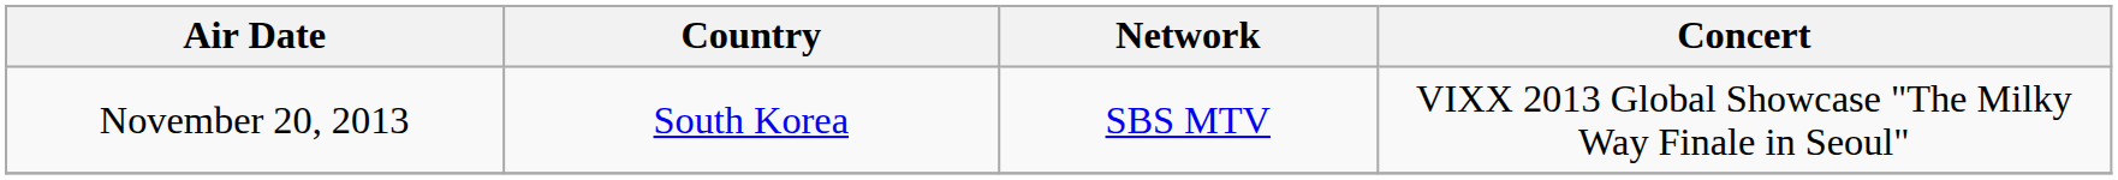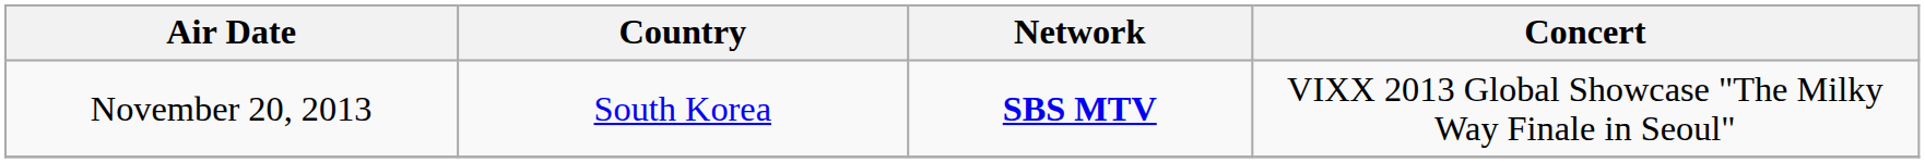 <table class="wikitable" style="text-align:center;">
 <tr>
 <th width=200>Air Date</th>
 <th width=200>Country</th>
 <th width=150>Network</th>
 <th width=300>Concert</th>
 </tr>
 <tr>
 <td>November 20, 2013</td>
 <td><a href='#'>South Korea</a></td>
-<td><a href='#'>SBS MTV</a></td>
+<td><strong><a href='#'>SBS MTV</a></strong></td>
 <td>VIXX 2013 Global Showcase "The Milky Way Finale in Seoul"</td>
 </tr>
 <tr>
 </tr>
 </table>
